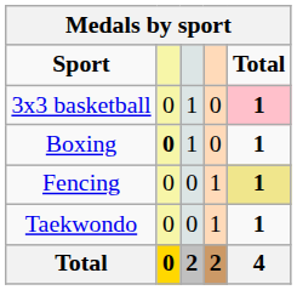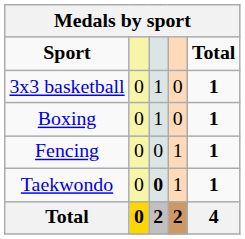 <table class="wikitable" style="font-size:85%; text-align:center;">
 <tr style="background:#efefef;">
 <th colspan=5><strong>Medals by sport</strong></th>
 </tr>
 <tr>
 <td><strong>Sport</strong></td>
 <td style="background:#f7f6a8;"></td>
 <td style="background:#dce5e5;"></td>
 <td style="background:#ffdab9;"></td>
 <td><strong>Total</strong></td>
 </tr>
 <tr>
 <td><a href='#'>3x3 basketball</a></td>
 <td style="background:#F7F6A8;">0</td>
 <td style="background:#DCE5E5;">1</td>
 <td style="background:#FFDAB9;">0</td>
-<td style="background: pink;"><strong>1</strong></td>
+<td><strong>1</strong></td>
 </tr>
 <tr>
 <td><a href='#'>Boxing</a></td>
-<td style="background:#F7F6A8;"><strong>0</strong></td>
+<td style="background:#F7F6A8;">0</td>
 <td style="background:#DCE5E5;">1</td>
 <td style="background:#FFDAB9;">0</td>
 <td><strong>1</strong></td>
 </tr>
 <tr>
 <td><a href='#'>Fencing</a></td>
 <td style="background:#F7F6A8;">0</td>
 <td style="background:#DCE5E5;">0</td>
 <td style="background:#FFDAB9;">1</td>
-<td style="background: khaki;"><strong>1</strong></td>
+<td><strong>1</strong></td>
 </tr>
 <tr>
 <td><a href='#'>Taekwondo</a></td>
 <td style="background:#F7F6A8;">0</td>
-<td style="background:#DCE5E5;">0</td>
+<td style="background:#DCE5E5;"><strong>0</strong></td>
 <td style="background:#FFDAB9;">1</td>
 <td><strong>1</strong></td>
 </tr>
 <tr>
 <th>Total</th>
 <th style="background:gold;"  >0</th>
 <th style="background:silver;">2</th>
 <th style="background:#c96;"  >2</th>
 <th>4</th>
 </tr>
 </table>
